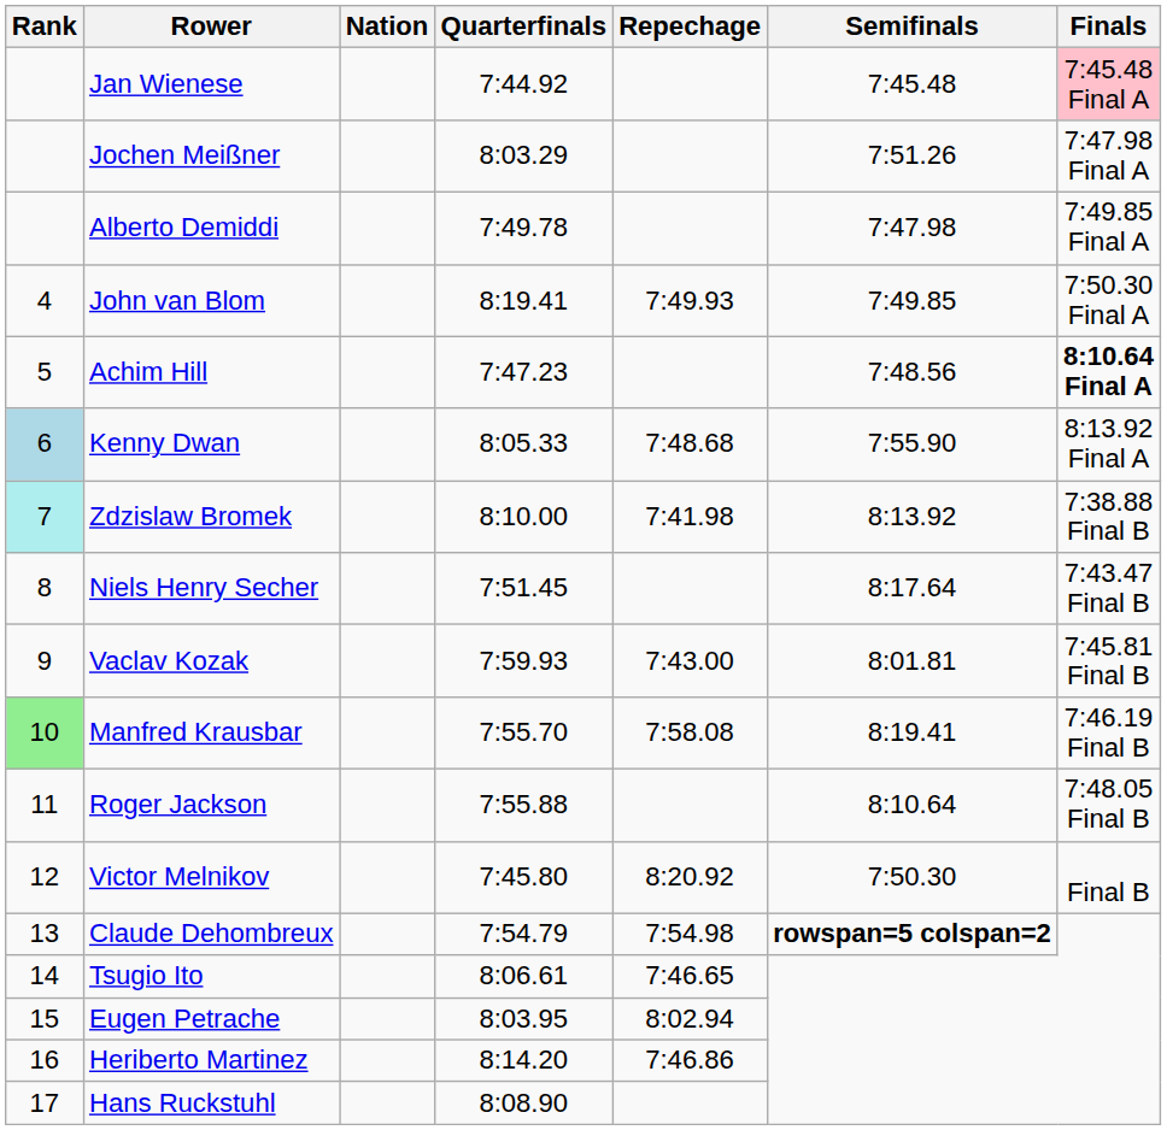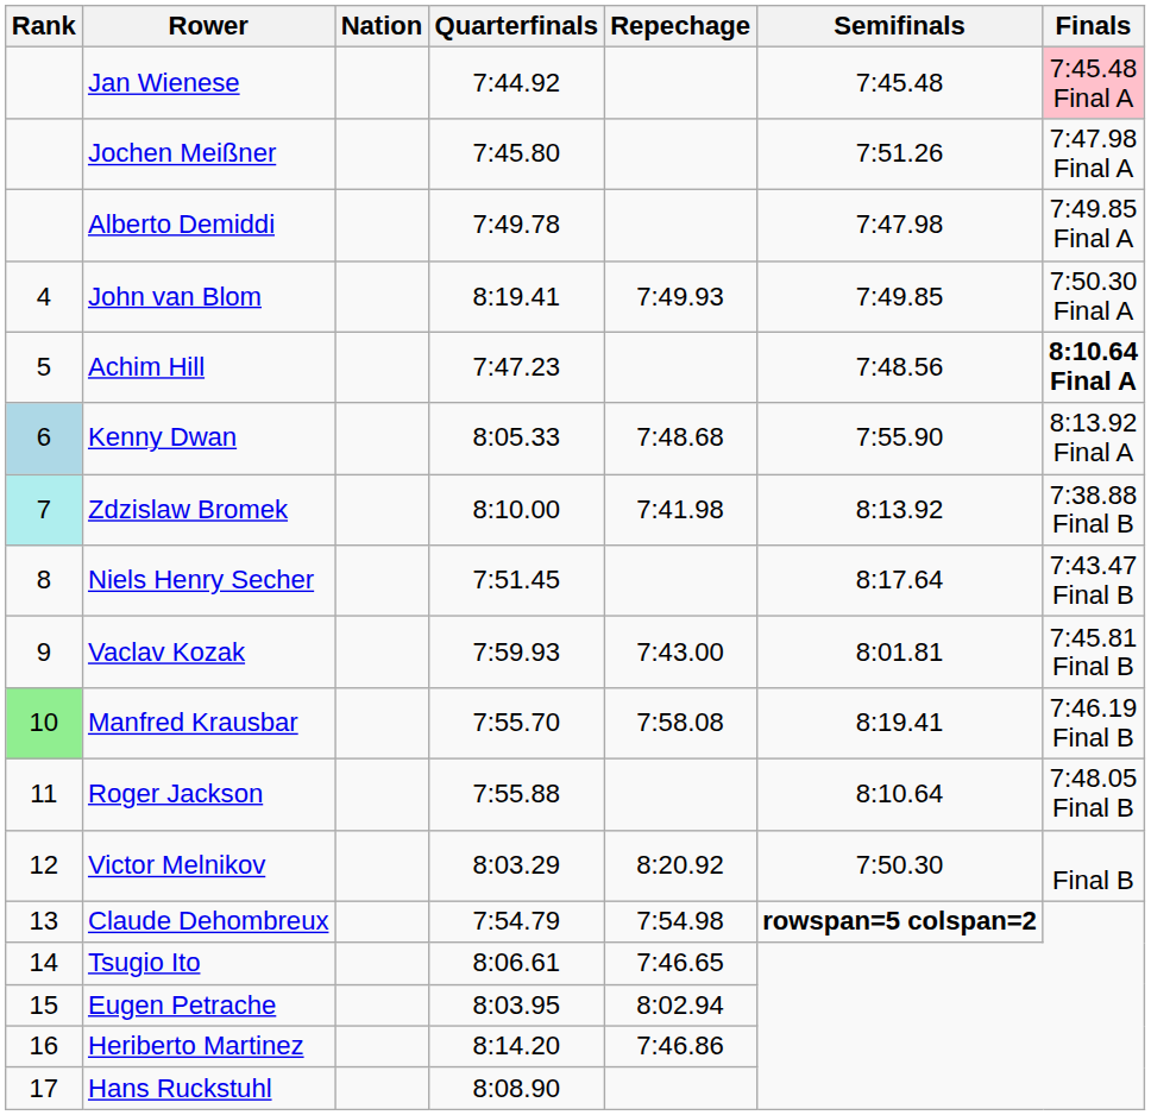 <table class="wikitable sortable" style="text-align:center">
 <tr>
 <th>Rank</th>
 <th>Rower</th>
 <th>Nation</th>
 <th>Quarterfinals</th>
 <th>Repechage</th>
 <th>Semifinals</th>
 <th>Finals</th>
 </tr>
 <tr>
 <td></td>
 <td align=left><a href='#'>Jan Wienese</a></td>
 <td align=left></td>
 <td>7:44.92</td>
 <td></td>
 <td>7:45.48</td>
 <td style="background: pink;">7:45.48<br>Final A</td>
 </tr>
 <tr>
 <td></td>
 <td align=left><a href='#'>Jochen Meißner</a></td>
 <td align=left></td>
-<td>8:03.29</td>
+<td>7:45.80</td>
 <td></td>
 <td>7:51.26</td>
 <td>7:47.98<br>Final A</td>
 </tr>
 <tr>
 <td></td>
 <td align=left><a href='#'>Alberto Demiddi</a></td>
 <td align=left></td>
 <td>7:49.78</td>
 <td></td>
 <td>7:47.98</td>
 <td>7:49.85<br>Final A</td>
 </tr>
 <tr>
 <td>4</td>
 <td align=left><a href='#'>John van Blom</a></td>
 <td align=left></td>
 <td>8:19.41</td>
 <td>7:49.93</td>
 <td>7:49.85</td>
 <td>7:50.30<br>Final A</td>
 </tr>
 <tr>
 <td>5</td>
 <td align=left><a href='#'>Achim Hill</a></td>
 <td align=left></td>
 <td>7:47.23</td>
 <td></td>
 <td>7:48.56</td>
 <td><strong>8:10.64<br>Final A</strong></td>
 </tr>
 <tr>
 <td style="background: lightblue;">6</td>
 <td align=left><a href='#'>Kenny Dwan</a></td>
 <td align=left></td>
 <td>8:05.33</td>
 <td>7:48.68</td>
 <td>7:55.90</td>
 <td>8:13.92<br>Final A</td>
 </tr>
 <tr>
 <td style="background: paleturquoise;">7</td>
 <td align=left><a href='#'>Zdzislaw Bromek</a></td>
 <td align=left></td>
 <td>8:10.00</td>
 <td>7:41.98</td>
 <td>8:13.92</td>
 <td>7:38.88<br>Final B</td>
 </tr>
 <tr>
 <td>8</td>
 <td align=left><a href='#'>Niels Henry Secher</a></td>
 <td align=left></td>
 <td>7:51.45</td>
 <td></td>
 <td>8:17.64</td>
 <td>7:43.47<br>Final B</td>
 </tr>
 <tr>
 <td>9</td>
 <td align=left><a href='#'>Vaclav Kozak</a></td>
 <td align=left></td>
 <td>7:59.93</td>
 <td>7:43.00</td>
 <td>8:01.81</td>
 <td>7:45.81<br>Final B</td>
 </tr>
 <tr>
 <td style="background: lightgreen;">10</td>
 <td align=left><a href='#'>Manfred Krausbar</a></td>
 <td align=left></td>
 <td>7:55.70</td>
 <td>7:58.08</td>
 <td>8:19.41</td>
 <td>7:46.19<br>Final B</td>
 </tr>
 <tr>
 <td>11</td>
 <td align=left><a href='#'>Roger Jackson</a></td>
 <td align=left></td>
 <td>7:55.88</td>
 <td></td>
 <td>8:10.64</td>
 <td>7:48.05<br>Final B</td>
 </tr>
 <tr>
 <td>12</td>
 <td align=left><a href='#'>Victor Melnikov</a></td>
 <td align=left></td>
-<td>7:45.80</td>
+<td>8:03.29</td>
 <td>8:20.92</td>
 <td>7:50.30</td>
 <td data-sort-value=9:99.99><br>Final B</td>
 </tr>
 <tr>
 <td>13</td>
 <td align=left><a href='#'>Claude Dehombreux</a></td>
 <td align=left></td>
 <td>7:54.79</td>
 <td>7:54.98</td>
 <td><strong>rowspan=5 colspan=2 </strong></td>
 </tr>
 <tr>
 <td>14</td>
 <td align=left><a href='#'>Tsugio Ito</a></td>
 <td align=left></td>
 <td>8:06.61</td>
 <td>7:46.65</td>
 </tr>
 <tr>
 <td>15</td>
 <td align=left><a href='#'>Eugen Petrache</a></td>
 <td align=left></td>
 <td>8:03.95</td>
 <td>8:02.94</td>
 </tr>
 <tr>
 <td>16</td>
 <td align=left><a href='#'>Heriberto Martinez</a></td>
 <td align=left></td>
 <td>8:14.20</td>
 <td>7:46.86</td>
 </tr>
 <tr>
 <td>17</td>
 <td align=left><a href='#'>Hans Ruckstuhl</a></td>
 <td align=left></td>
 <td>8:08.90</td>
 <td data-sort-value=9:99.99></td>
 </tr>
 </table>
